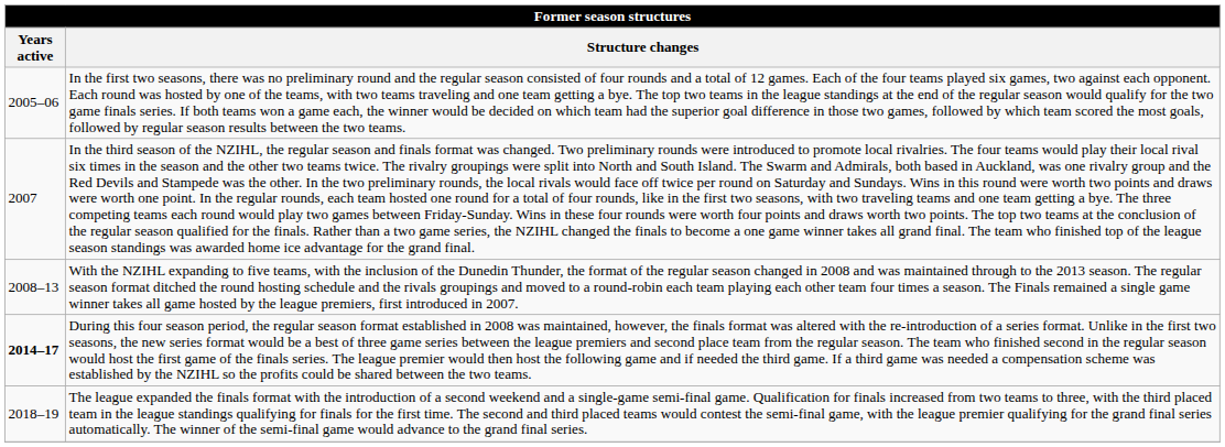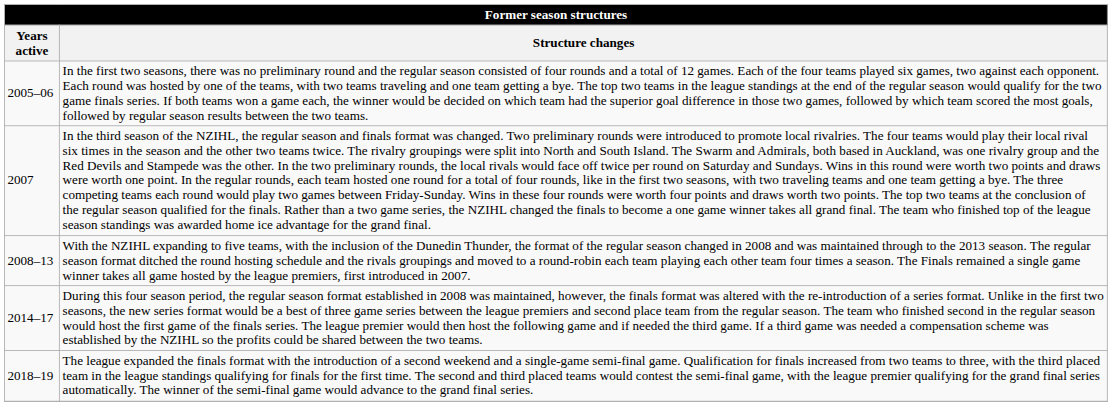 <table class="wikitable collapsible collapsed" width="85%">
 <tr>
 <th style="background:#000000;color:white" colspan="2">Former season structures</th>
 </tr>
 <tr>
 <th width="5%">Years active</th>
 <th width="95%">Structure changes</th>
 </tr>
 <tr>
 <td>2005–06</td>
 <td>In the first two seasons, there was no preliminary round and the regular season consisted of four rounds and a total of 12 games. Each of the four teams played six games, two against each opponent. Each round was hosted by one of the teams, with two teams traveling and one team getting a bye. The top two teams in the league standings at the end of the regular season would qualify for the two game finals series. If both teams won a game each, the winner would be decided on which team had the superior goal difference in those two games, followed by which team scored the most goals, followed by regular season results between the two teams.</td>
 </tr>
 <tr>
 <td>2007</td>
 <td>In the third season of the NZIHL, the regular season and finals format was changed. Two preliminary rounds were introduced to promote local rivalries. The four teams would play their local rival six times in the season and the other two teams twice. The rivalry groupings were split into North and South Island. The Swarm and Admirals, both based in Auckland, was one rivalry group and the Red Devils and Stampede was the other. In the two preliminary rounds, the local rivals would face off twice per round on Saturday and Sundays. Wins in this round were worth two points and draws were worth one point. In the regular rounds, each team hosted one round for a total of four rounds, like in the first two seasons, with two traveling teams and one team getting a bye. The three competing teams each round would play two games between Friday-Sunday. Wins in these four rounds were worth four points and draws worth two points. The top two teams at the conclusion of the regular season qualified for the finals. Rather than a two game series, the NZIHL changed the finals to become a one game winner takes all grand final. The team who finished top of the league season standings was awarded home ice advantage for the grand final.</td>
 </tr>
 <tr>
 <td>2008–13</td>
 <td>With the NZIHL expanding to five teams, with the inclusion of the Dunedin Thunder, the format of the regular season changed in 2008 and was maintained through to the 2013 season. The regular season format ditched the round hosting schedule and the rivals groupings and moved to a round-robin each team playing each other team four times a season. The Finals remained a single game winner takes all game hosted by the league premiers, first introduced in 2007.</td>
 </tr>
 <tr>
-<td><strong>2014–17</strong></td>
+<td>2014–17</td>
 <td>During this four season period, the regular season format established in 2008 was maintained, however, the finals format was altered with the re-introduction of a series format. Unlike in the first two seasons, the new series format would be a best of three game series between the league premiers and second place team from the regular season. The team who finished second in the regular season would host the first game of the finals series. The league premier would then host the following game and if needed the third game. If a third game was needed a compensation scheme was established by the NZIHL so the profits could be shared between the two teams.</td>
 </tr>
 <tr>
 <td>2018–19</td>
 <td>The league expanded the finals format with the introduction of a second weekend and a single-game semi-final game. Qualification for finals increased from two teams to three, with the third placed team in the league standings qualifying for finals for the first time. The second and third placed teams would contest the semi-final game, with the league premier qualifying for the grand final series automatically. The winner of the semi-final game would advance to the grand final series.</td>
 </tr>
 <tr>
 </tr>
 </table>
